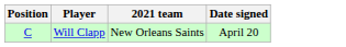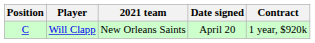 <table class="wikitable" style="text-align:center">
 <tr>
 <th>Position</th>
 <th>Player</th>
 <th>2021 team</th>
 <th>Date signed</th>
+<th>Contract</th>
 </tr>
 <tr style="background:#cfc">
 <td><a href='#'>C</a></td>
 <td><a href='#'>Will Clapp</a></td>
 <td>New Orleans Saints</td>
 <td>April 20</td>
+<td>1 year, $920k</td>
 </tr>
 </table>
